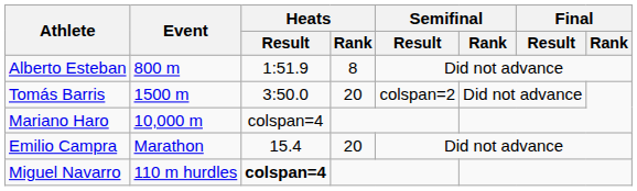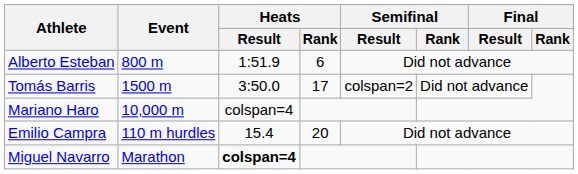 <table class="wikitable" style="font-size:90%">
 <tr>
 <th rowspan="2">Athlete</th>
 <th rowspan="2">Event</th>
 <th colspan="2">Heats</th>
 <th colspan="2">Semifinal</th>
 <th colspan="2">Final</th>
 </tr>
 <tr style="font-size:95%">
 <th>Result</th>
 <th>Rank</th>
 <th>Result</th>
 <th>Rank</th>
 <th>Result</th>
 <th>Rank</th>
 </tr>
 <tr align=center>
 <td align=left><a href='#'>Alberto Esteban</a></td>
 <td align=left><a href='#'>800 m</a></td>
 <td>1:51.9</td>
-<td>8</td>
+<td>6</td>
 <td colspan=4>Did not advance</td>
 </tr>
 <tr align=center>
 <td align=left><a href='#'>Tomás Barris</a></td>
 <td align=left><a href='#'>1500 m</a></td>
 <td>3:50.0</td>
-<td>20</td>
+<td>17</td>
 <td>colspan=2 </td>
 <td colspan=2>Did not advance</td>
 </tr>
 <tr align=center>
 <td align=left><a href='#'>Mariano Haro</a></td>
 <td align=left><a href='#'>10,000 m</a></td>
 <td>colspan=4 </td>
 <td colspan=2></td>
 </tr>
 <tr align=center>
 <td align=left><a href='#'>Emilio Campra</a></td>
-<td align=left><a href='#'>Marathon</a></td>
+<td align=left><a href='#'>110 m hurdles</a></td>
 <td>15.4</td>
 <td>20</td>
 <td colspan=4>Did not advance</td>
 </tr>
 <tr align=center>
 <td align=left><a href='#'>Miguel Navarro</a></td>
-<td align=left><a href='#'>110 m hurdles</a></td>
+<td align=left><a href='#'>Marathon</a></td>
 <td><strong>colspan=4 </strong></td>
 <td colspan=2></td>
 </tr>
 </table>
